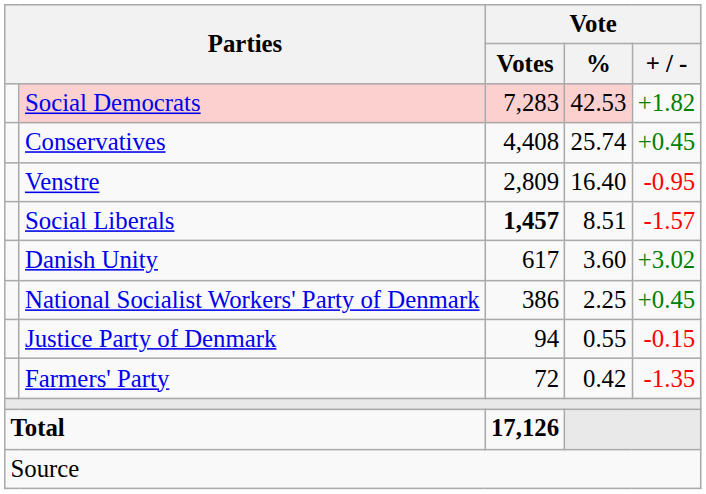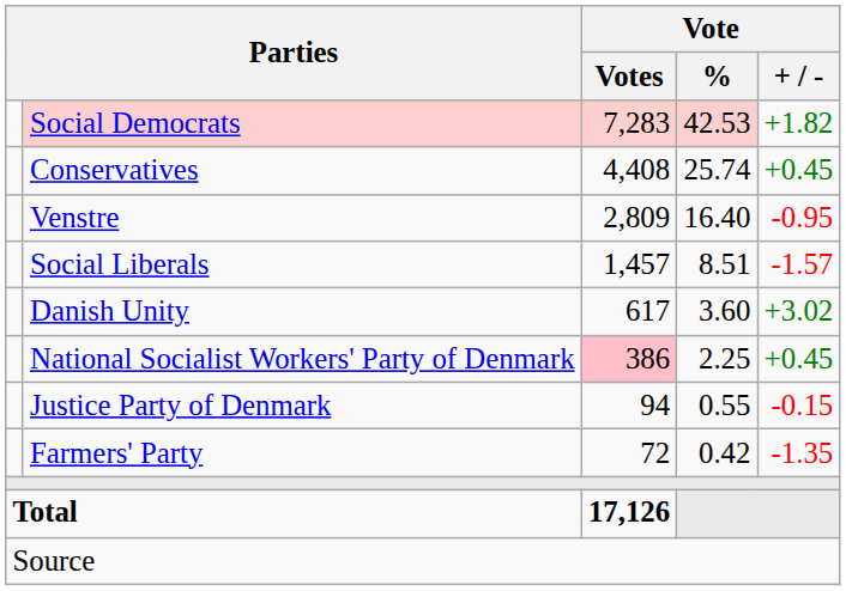 <table class="wikitable" style="text-align:right;">
 <tr>
 <th style="text-align:centre;" rowspan="2" colspan="2" width="225">Parties</th>
 <th colspan="3">Vote</th>
 </tr>
 <tr>
 <th width="15">Votes</th>
 <th width="15">%</th>
 <th width="15">+ / -</th>
 </tr>
 <tr>
 <td width="2" style="color:inherit;background:"></td>
 <td bgcolor=#fbd0ce  align="left"><a href='#'>Social Democrats</a></td>
 <td bgcolor=#fbd0ce>7,283</td>
 <td bgcolor=#fbd0ce>42.53</td>
 <td style=color:green;>+1.82</td>
 </tr>
 <tr>
 <td width="2" style="color:inherit;background:"></td>
 <td align="left"><a href='#'>Conservatives</a></td>
 <td>4,408</td>
 <td>25.74</td>
 <td style=color:green;>+0.45</td>
 </tr>
 <tr>
 <td width="2" style="color:inherit;background:"></td>
 <td align="left"><a href='#'>Venstre</a></td>
 <td>2,809</td>
 <td>16.40</td>
 <td style=color:red;>-0.95</td>
 </tr>
 <tr>
 <td width="2" style="color:inherit;background:"></td>
 <td align="left"><a href='#'>Social Liberals</a></td>
-<td><strong>1,457</strong></td>
+<td>1,457</td>
 <td>8.51</td>
 <td style=color:red;>-1.57</td>
 </tr>
 <tr>
 <td width="2" style="color:inherit;background:"></td>
 <td align="left"><a href='#'>Danish Unity</a></td>
 <td>617</td>
 <td>3.60</td>
 <td style=color:green;>+3.02</td>
 </tr>
 <tr>
 <td width="2" style="color:inherit;background:"></td>
 <td align="left"><a href='#'>National Socialist Workers' Party of Denmark</a></td>
-<td>386</td>
+<td style="background: pink;">386</td>
 <td>2.25</td>
 <td style=color:green;>+0.45</td>
 </tr>
 <tr>
 <td width="2" style="color:inherit;background:"></td>
 <td align="left"><a href='#'>Justice Party of Denmark</a></td>
 <td>94</td>
 <td>0.55</td>
 <td style=color:red;>-0.15</td>
 </tr>
 <tr>
 <td width="2" style="color:inherit;background:"></td>
 <td align="left"><a href='#'>Farmers' Party</a></td>
 <td>72</td>
 <td>0.42</td>
 <td style=color:red;>-1.35</td>
 </tr>
 <tr>
 <td colspan="7" bgcolor="#E9E9E9"></td>
 </tr>
 <tr>
 <td align="left" colspan="2"><strong>Total</strong></td>
 <td><strong>17,126</strong></td>
 <td bgcolor="#E9E9E9" colspan="2"></td>
 </tr>
 <tr>
 <td align="left" colspan="6">Source</td>
 </tr>
 </table>
